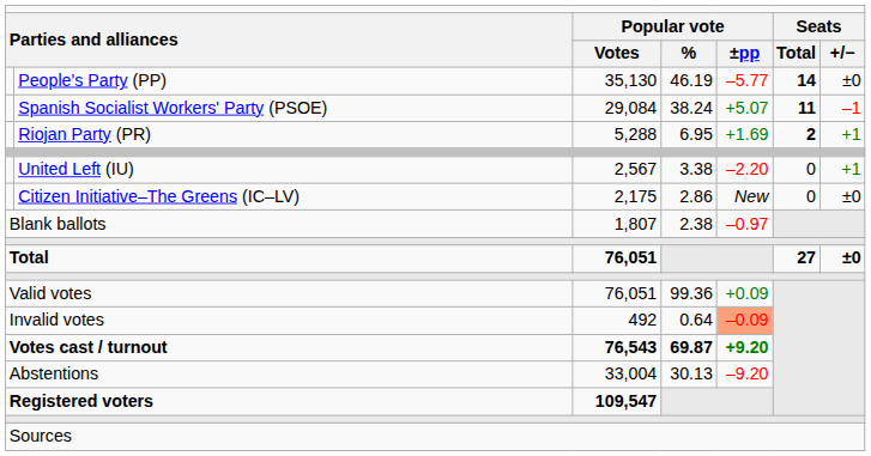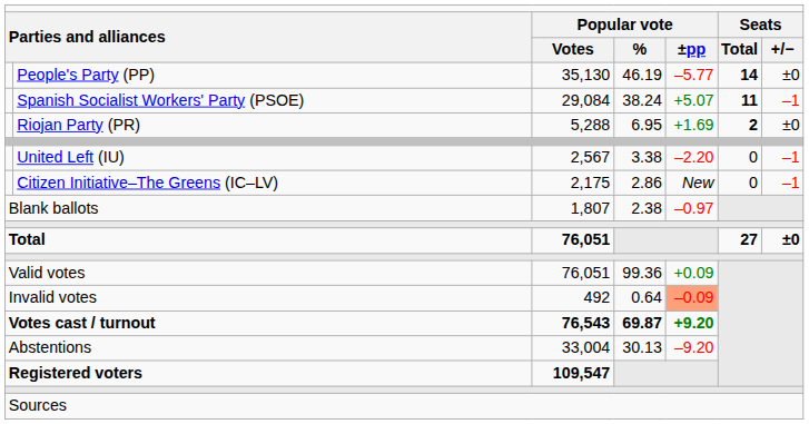 <table class="wikitable" style="text-align:right;">
 <tr>
 <td colspan="7"></td>
 </tr>
 <tr>
 <th style="text-align:left;" rowspan="2" colspan="2" width="525">Parties and alliances</th>
 <th colspan="3">Popular vote</th>
 <th colspan="2">Seats</th>
 </tr>
 <tr>
 <th width="75">Votes</th>
 <th width="45">%</th>
 <th width="45">±<a href='#'>pp</a></th>
 <th width="35">Total</th>
 <th width="35">+/−</th>
 </tr>
 <tr>
 <td width="1" style="color:inherit;background:"></td>
 <td align="left"><a href='#'>People's Party</a> (PP)</td>
 <td>35,130</td>
 <td>46.19</td>
 <td style="color:red;">–5.77</td>
 <td><strong>14</strong></td>
 <td>±0</td>
 </tr>
 <tr>
 <td style="color:inherit;background:"></td>
 <td align="left"><a href='#'>Spanish Socialist Workers' Party</a> (PSOE)</td>
 <td>29,084</td>
 <td>38.24</td>
 <td style="color:green;">+5.07</td>
 <td><strong>11</strong></td>
 <td style="color:red;">–1</td>
 </tr>
 <tr>
 <td style="color:inherit;background:"></td>
 <td align="left"><a href='#'>Riojan Party</a> (PR)</td>
 <td>5,288</td>
 <td>6.95</td>
 <td style="color:green;">+1.69</td>
 <td><strong>2</strong></td>
-<td style="color:green;">+1</td>
+<td>±0</td>
 </tr>
 <tr>
 <td colspan="7" bgcolor="#C0C0C0"></td>
 </tr>
 <tr>
 <td style="color:inherit;background:"></td>
 <td align="left"><a href='#'>United Left</a> (IU)</td>
 <td>2,567</td>
 <td>3.38</td>
 <td style="color:red;">–2.20</td>
 <td>0</td>
-<td style="color:green;">+1</td>
+<td style="color:red;">–1</td>
 </tr>
 <tr>
 <td style="color:inherit;background:"></td>
 <td align="left"><a href='#'>Citizen Initiative–The Greens</a> (IC–LV)</td>
 <td>2,175</td>
 <td>2.86</td>
 <td><em>New</em></td>
 <td>0</td>
-<td>±0</td>
+<td style="color:red;">–1</td>
 </tr>
 <tr>
 <td align="left" colspan="2">Blank ballots</td>
 <td>1,807</td>
 <td>2.38</td>
 <td style="color:red;">–0.97</td>
 <td bgcolor="#E9E9E9" colspan="2"></td>
 </tr>
 <tr>
 <td colspan="7" bgcolor="#E9E9E9"></td>
 </tr>
 <tr style="font-weight:bold;">
 <td align="left" colspan="2">Total</td>
 <td>76,051</td>
 <td bgcolor="#E9E9E9" colspan="2"></td>
 <td>27</td>
 <td>±0</td>
 </tr>
 <tr>
 <td colspan="7" bgcolor="#E9E9E9"></td>
 </tr>
 <tr>
 <td align="left" colspan="2">Valid votes</td>
 <td>76,051</td>
 <td>99.36</td>
 <td style="color:green;">+0.09</td>
 <td bgcolor="#E9E9E9" colspan="2" rowspan="5"></td>
 </tr>
 <tr>
 <td align="left" colspan="2">Invalid votes</td>
 <td>492</td>
 <td>0.64</td>
 <td style="background: lightsalmon; color:red;">–0.09</td>
 </tr>
 <tr style="font-weight:bold;">
 <td align="left" colspan="2">Votes cast / turnout</td>
 <td>76,543</td>
 <td>69.87</td>
 <td style="color:green;">+9.20</td>
 </tr>
 <tr>
 <td align="left" colspan="2">Abstentions</td>
 <td>33,004</td>
 <td>30.13</td>
 <td style="color:red;">–9.20</td>
 </tr>
 <tr style="font-weight:bold;">
 <td align="left" colspan="2">Registered voters</td>
 <td>109,547</td>
 <td bgcolor="#E9E9E9" colspan="2"></td>
 </tr>
 <tr>
 <td colspan="7" bgcolor="#E9E9E9"></td>
 </tr>
 <tr>
 <td align="left" colspan="7">Sources</td>
 </tr>
 </table>
